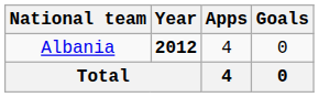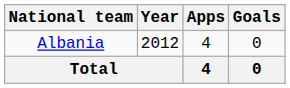 <table class=wikitable style="text-align: center;">
 <tr>
 <th>National team</th>
 <th>Year</th>
 <th>Apps</th>
 <th>Goals</th>
 </tr>
 <tr>
 <td rowspan=1><a href='#'>Albania</a></td>
-<td><strong>2012</strong></td>
+<td>2012</td>
 <td>4</td>
 <td>0</td>
 </tr>
 <tr>
 <th colspan=2>Total</th>
 <th>4</th>
 <th>0</th>
 </tr>
 </table>
